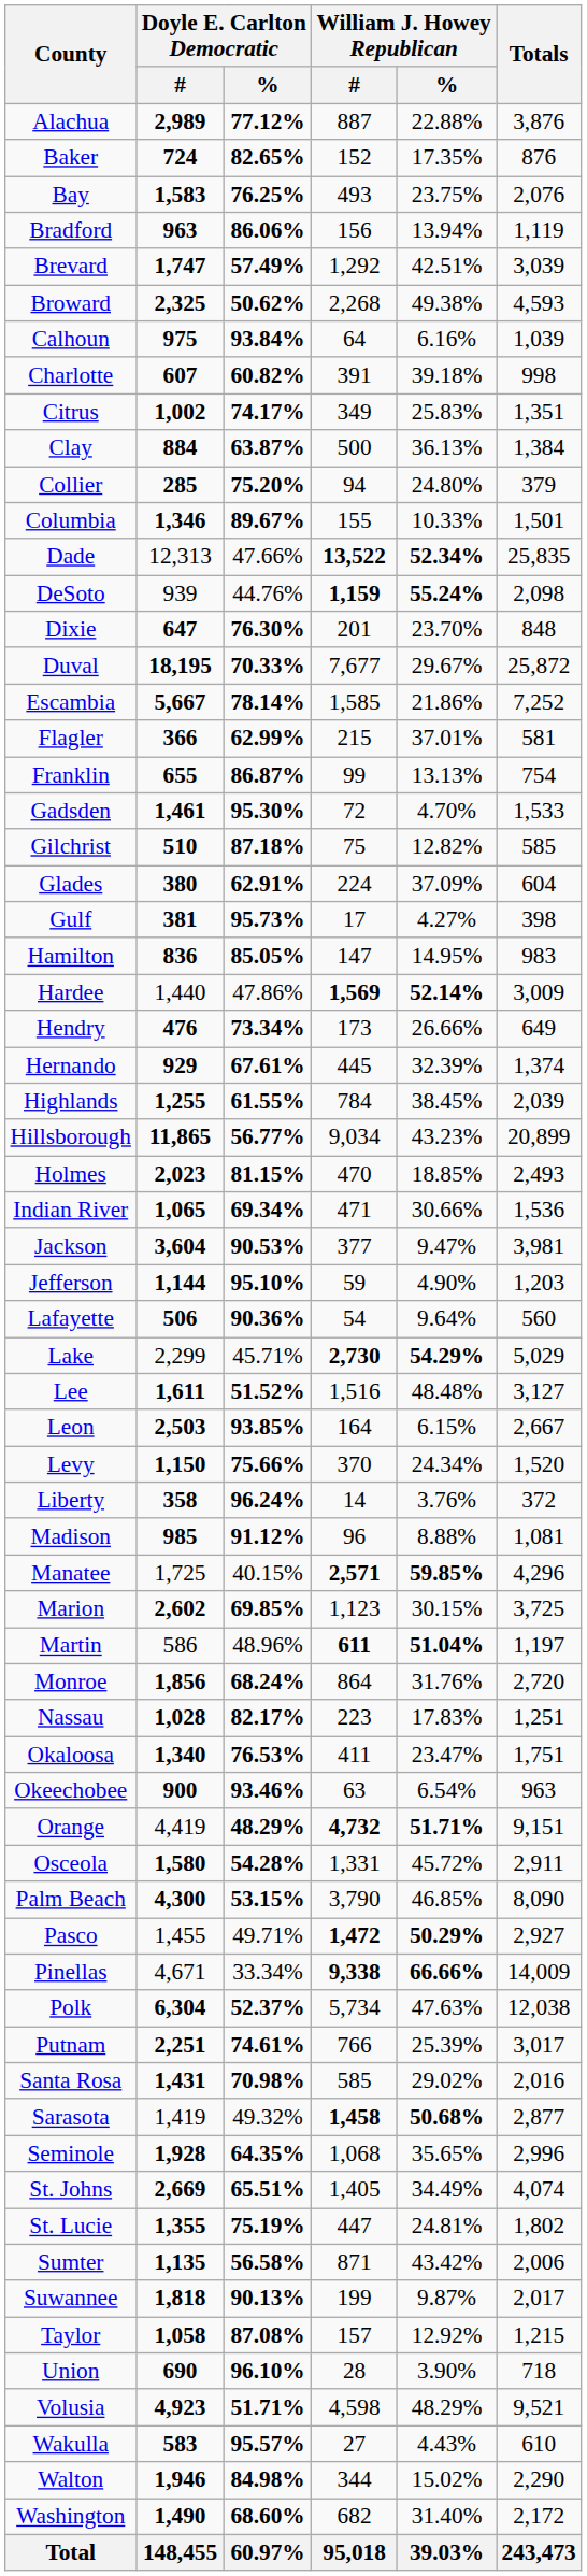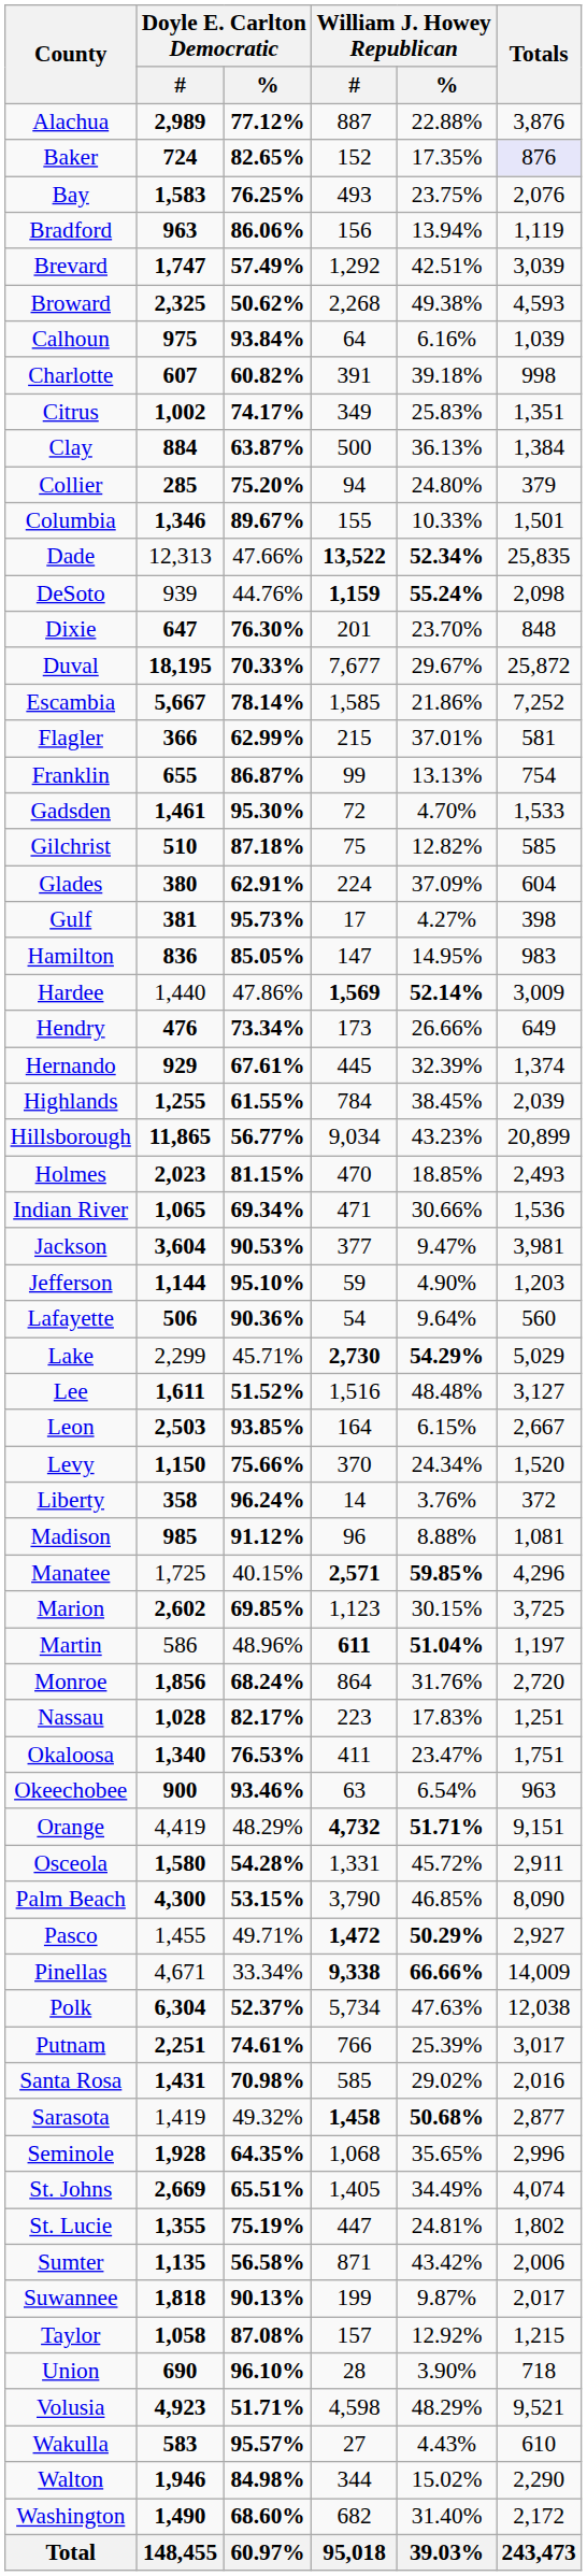 <table class="wikitable sortable">
 <tr>
 <th rowspan="2">County</th>
 <th colspan="2" style="text-align: center;" >Doyle E. Carlton <br><em>Democratic</em></th>
 <th colspan="2" style="text-align: center;" >William J. Howey  <br> <em>Republican</em></th>
 <th rowspan="2">Totals</th>
 </tr>
 <tr>
 <th colspan="1" style="text-align: center;" >#</th>
 <th colspan="1" style="text-align: center;" >%</th>
 <th colspan="1" style="text-align: center;" >#</th>
 <th colspan="1" style="text-align: center;" >%</th>
 </tr>
 <tr style="text-align:center;">
 <td><a href='#'>Alachua</a></td>
 <td><strong>2,989</strong></td>
 <td><strong>77.12%</strong></td>
 <td>887</td>
 <td>22.88%</td>
 <td>3,876</td>
 </tr>
 <tr style="text-align:center;">
 <td><a href='#'>Baker</a></td>
 <td><strong>724</strong></td>
 <td><strong>82.65%</strong></td>
 <td>152</td>
 <td>17.35%</td>
-<td>876</td>
+<td style="background: lavender;">876</td>
 </tr>
 <tr style="text-align:center;">
 <td><a href='#'>Bay</a></td>
 <td><strong>1,583</strong></td>
 <td><strong>76.25%</strong></td>
 <td>493</td>
 <td>23.75%</td>
 <td>2,076</td>
 </tr>
 <tr style="text-align:center;">
 <td><a href='#'>Bradford</a></td>
 <td><strong>963</strong></td>
 <td><strong>86.06%</strong></td>
 <td>156</td>
 <td>13.94%</td>
 <td>1,119</td>
 </tr>
 <tr style="text-align:center;">
 <td><a href='#'>Brevard</a></td>
 <td><strong>1,747</strong></td>
 <td><strong>57.49%</strong></td>
 <td>1,292</td>
 <td>42.51%</td>
 <td>3,039</td>
 </tr>
 <tr style="text-align:center;">
 <td><a href='#'>Broward</a></td>
 <td><strong>2,325</strong></td>
 <td><strong>50.62%</strong></td>
 <td>2,268</td>
 <td>49.38%</td>
 <td>4,593</td>
 </tr>
 <tr style="text-align:center;">
 <td><a href='#'>Calhoun</a></td>
 <td><strong>975</strong></td>
 <td><strong>93.84%</strong></td>
 <td>64</td>
 <td>6.16%</td>
 <td>1,039</td>
 </tr>
 <tr style="text-align:center;">
 <td><a href='#'>Charlotte</a></td>
 <td><strong>607</strong></td>
 <td><strong>60.82%</strong></td>
 <td>391</td>
 <td>39.18%</td>
 <td>998</td>
 </tr>
 <tr style="text-align:center;">
 <td><a href='#'>Citrus</a></td>
 <td><strong>1,002</strong></td>
 <td><strong>74.17%</strong></td>
 <td>349</td>
 <td>25.83%</td>
 <td>1,351</td>
 </tr>
 <tr style="text-align:center;">
 <td><a href='#'>Clay</a></td>
 <td><strong>884</strong></td>
 <td><strong>63.87%</strong></td>
 <td>500</td>
 <td>36.13%</td>
 <td>1,384</td>
 </tr>
 <tr style="text-align:center;">
 <td><a href='#'>Collier</a></td>
 <td><strong>285</strong></td>
 <td><strong>75.20%</strong></td>
 <td>94</td>
 <td>24.80%</td>
 <td>379</td>
 </tr>
 <tr style="text-align:center;">
 <td><a href='#'>Columbia</a></td>
 <td><strong>1,346</strong></td>
 <td><strong>89.67%</strong></td>
 <td>155</td>
 <td>10.33%</td>
 <td>1,501</td>
 </tr>
 <tr style="text-align:center;">
 <td><a href='#'>Dade</a></td>
 <td>12,313</td>
 <td>47.66%</td>
 <td><strong>13,522</strong></td>
 <td><strong>52.34%</strong></td>
 <td>25,835</td>
 </tr>
 <tr style="text-align:center;">
 <td><a href='#'>DeSoto</a></td>
 <td>939</td>
 <td>44.76%</td>
 <td><strong>1,159</strong></td>
 <td><strong>55.24%</strong></td>
 <td>2,098</td>
 </tr>
 <tr style="text-align:center;">
 <td><a href='#'>Dixie</a></td>
 <td><strong>647</strong></td>
 <td><strong>76.30%</strong></td>
 <td>201</td>
 <td>23.70%</td>
 <td>848</td>
 </tr>
 <tr style="text-align:center;">
 <td><a href='#'>Duval</a></td>
 <td><strong>18,195</strong></td>
 <td><strong>70.33%</strong></td>
 <td>7,677</td>
 <td>29.67%</td>
 <td>25,872</td>
 </tr>
 <tr style="text-align:center;">
 <td><a href='#'>Escambia</a></td>
 <td><strong>5,667</strong></td>
 <td><strong>78.14%</strong></td>
 <td>1,585</td>
 <td>21.86%</td>
 <td>7,252</td>
 </tr>
 <tr style="text-align:center;">
 <td><a href='#'>Flagler</a></td>
 <td><strong>366</strong></td>
 <td><strong>62.99%</strong></td>
 <td>215</td>
 <td>37.01%</td>
 <td>581</td>
 </tr>
 <tr style="text-align:center;">
 <td><a href='#'>Franklin</a></td>
 <td><strong>655</strong></td>
 <td><strong>86.87%</strong></td>
 <td>99</td>
 <td>13.13%</td>
 <td>754</td>
 </tr>
 <tr style="text-align:center;">
 <td><a href='#'>Gadsden</a></td>
 <td><strong>1,461</strong></td>
 <td><strong>95.30%</strong></td>
 <td>72</td>
 <td>4.70%</td>
 <td>1,533</td>
 </tr>
 <tr style="text-align:center;">
 <td><a href='#'>Gilchrist</a></td>
 <td><strong>510</strong></td>
 <td><strong>87.18%</strong></td>
 <td>75</td>
 <td>12.82%</td>
 <td>585</td>
 </tr>
 <tr style="text-align:center;">
 <td><a href='#'>Glades</a></td>
 <td><strong>380</strong></td>
 <td><strong>62.91%</strong></td>
 <td>224</td>
 <td>37.09%</td>
 <td>604</td>
 </tr>
 <tr style="text-align:center;">
 <td><a href='#'>Gulf</a></td>
 <td><strong>381</strong></td>
 <td><strong>95.73%</strong></td>
 <td>17</td>
 <td>4.27%</td>
 <td>398</td>
 </tr>
 <tr style="text-align:center;">
 <td><a href='#'>Hamilton</a></td>
 <td><strong>836</strong></td>
 <td><strong>85.05%</strong></td>
 <td>147</td>
 <td>14.95%</td>
 <td>983</td>
 </tr>
 <tr style="text-align:center;">
 <td><a href='#'>Hardee</a></td>
 <td>1,440</td>
 <td>47.86%</td>
 <td><strong>1,569</strong></td>
 <td><strong>52.14%</strong></td>
 <td>3,009</td>
 </tr>
 <tr style="text-align:center;">
 <td><a href='#'>Hendry</a></td>
 <td><strong>476</strong></td>
 <td><strong>73.34%</strong></td>
 <td>173</td>
 <td>26.66%</td>
 <td>649</td>
 </tr>
 <tr style="text-align:center;">
 <td><a href='#'>Hernando</a></td>
 <td><strong>929</strong></td>
 <td><strong>67.61%</strong></td>
 <td>445</td>
 <td>32.39%</td>
 <td>1,374</td>
 </tr>
 <tr style="text-align:center;">
 <td><a href='#'>Highlands</a></td>
 <td><strong>1,255</strong></td>
 <td><strong>61.55%</strong></td>
 <td>784</td>
 <td>38.45%</td>
 <td>2,039</td>
 </tr>
 <tr style="text-align:center;">
 <td><a href='#'>Hillsborough</a></td>
 <td><strong>11,865</strong></td>
 <td><strong>56.77%</strong></td>
 <td>9,034</td>
 <td>43.23%</td>
 <td>20,899</td>
 </tr>
 <tr style="text-align:center;">
 <td><a href='#'>Holmes</a></td>
 <td><strong>2,023</strong></td>
 <td><strong>81.15%</strong></td>
 <td>470</td>
 <td>18.85%</td>
 <td>2,493</td>
 </tr>
 <tr style="text-align:center;">
 <td><a href='#'>Indian River</a></td>
 <td><strong>1,065</strong></td>
 <td><strong>69.34%</strong></td>
 <td>471</td>
 <td>30.66%</td>
 <td>1,536</td>
 </tr>
 <tr style="text-align:center;">
 <td><a href='#'>Jackson</a></td>
 <td><strong>3,604</strong></td>
 <td><strong>90.53%</strong></td>
 <td>377</td>
 <td>9.47%</td>
 <td>3,981</td>
 </tr>
 <tr style="text-align:center;">
 <td><a href='#'>Jefferson</a></td>
 <td><strong>1,144</strong></td>
 <td><strong>95.10%</strong></td>
 <td>59</td>
 <td>4.90%</td>
 <td>1,203</td>
 </tr>
 <tr style="text-align:center;">
 <td><a href='#'>Lafayette</a></td>
 <td><strong>506</strong></td>
 <td><strong>90.36%</strong></td>
 <td>54</td>
 <td>9.64%</td>
 <td>560</td>
 </tr>
 <tr style="text-align:center;">
 <td><a href='#'>Lake</a></td>
 <td>2,299</td>
 <td>45.71%</td>
 <td><strong>2,730</strong></td>
 <td><strong>54.29%</strong></td>
 <td>5,029</td>
 </tr>
 <tr style="text-align:center;">
 <td><a href='#'>Lee</a></td>
 <td><strong>1,611</strong></td>
 <td><strong>51.52%</strong></td>
 <td>1,516</td>
 <td>48.48%</td>
 <td>3,127</td>
 </tr>
 <tr style="text-align:center;">
 <td><a href='#'>Leon</a></td>
 <td><strong>2,503</strong></td>
 <td><strong>93.85%</strong></td>
 <td>164</td>
 <td>6.15%</td>
 <td>2,667</td>
 </tr>
 <tr style="text-align:center;">
 <td><a href='#'>Levy</a></td>
 <td><strong>1,150</strong></td>
 <td><strong>75.66%</strong></td>
 <td>370</td>
 <td>24.34%</td>
 <td>1,520</td>
 </tr>
 <tr style="text-align:center;">
 <td><a href='#'>Liberty</a></td>
 <td><strong>358</strong></td>
 <td><strong>96.24%</strong></td>
 <td>14</td>
 <td>3.76%</td>
 <td>372</td>
 </tr>
 <tr style="text-align:center;">
 <td><a href='#'>Madison</a></td>
 <td><strong>985</strong></td>
 <td><strong>91.12%</strong></td>
 <td>96</td>
 <td>8.88%</td>
 <td>1,081</td>
 </tr>
 <tr style="text-align:center;">
 <td><a href='#'>Manatee</a></td>
 <td>1,725</td>
 <td>40.15%</td>
 <td><strong>2,571</strong></td>
 <td><strong>59.85%</strong></td>
 <td>4,296</td>
 </tr>
 <tr style="text-align:center;">
 <td><a href='#'>Marion</a></td>
 <td><strong>2,602</strong></td>
 <td><strong>69.85%</strong></td>
 <td>1,123</td>
 <td>30.15%</td>
 <td>3,725</td>
 </tr>
 <tr style="text-align:center;">
 <td><a href='#'>Martin</a></td>
 <td>586</td>
 <td>48.96%</td>
 <td><strong>611</strong></td>
 <td><strong>51.04%</strong></td>
 <td>1,197</td>
 </tr>
 <tr style="text-align:center;">
 <td><a href='#'>Monroe</a></td>
 <td><strong>1,856</strong></td>
 <td><strong>68.24%</strong></td>
 <td>864</td>
 <td>31.76%</td>
 <td>2,720</td>
 </tr>
 <tr style="text-align:center;">
 <td><a href='#'>Nassau</a></td>
 <td><strong>1,028</strong></td>
 <td><strong>82.17%</strong></td>
 <td>223</td>
 <td>17.83%</td>
 <td>1,251</td>
 </tr>
 <tr style="text-align:center;">
 <td><a href='#'>Okaloosa</a></td>
 <td><strong>1,340</strong></td>
 <td><strong>76.53%</strong></td>
 <td>411</td>
 <td>23.47%</td>
 <td>1,751</td>
 </tr>
 <tr style="text-align:center;">
 <td><a href='#'>Okeechobee</a></td>
 <td><strong>900</strong></td>
 <td><strong>93.46%</strong></td>
 <td>63</td>
 <td>6.54%</td>
 <td>963</td>
 </tr>
 <tr style="text-align:center;">
 <td><a href='#'>Orange</a></td>
 <td>4,419</td>
-<td><strong>48.29%</strong></td>
+<td>48.29%</td>
 <td><strong>4,732</strong></td>
 <td><strong>51.71%</strong></td>
 <td>9,151</td>
 </tr>
 <tr style="text-align:center;">
 <td><a href='#'>Osceola</a></td>
 <td><strong>1,580</strong></td>
 <td><strong>54.28%</strong></td>
 <td>1,331</td>
 <td>45.72%</td>
 <td>2,911</td>
 </tr>
 <tr style="text-align:center;">
 <td><a href='#'>Palm Beach</a></td>
 <td><strong>4,300</strong></td>
 <td><strong>53.15%</strong></td>
 <td>3,790</td>
 <td>46.85%</td>
 <td>8,090</td>
 </tr>
 <tr style="text-align:center;">
 <td><a href='#'>Pasco</a></td>
 <td>1,455</td>
 <td>49.71%</td>
 <td><strong>1,472</strong></td>
 <td><strong>50.29%</strong></td>
 <td>2,927</td>
 </tr>
 <tr style="text-align:center;">
 <td><a href='#'>Pinellas</a></td>
 <td>4,671</td>
 <td>33.34%</td>
 <td><strong>9,338</strong></td>
 <td><strong>66.66%</strong></td>
 <td>14,009</td>
 </tr>
 <tr style="text-align:center;">
 <td><a href='#'>Polk</a></td>
 <td><strong>6,304</strong></td>
 <td><strong>52.37%</strong></td>
 <td>5,734</td>
 <td>47.63%</td>
 <td>12,038</td>
 </tr>
 <tr style="text-align:center;">
 <td><a href='#'>Putnam</a></td>
 <td><strong>2,251</strong></td>
 <td><strong>74.61%</strong></td>
 <td>766</td>
 <td>25.39%</td>
 <td>3,017</td>
 </tr>
 <tr style="text-align:center;">
 <td><a href='#'>Santa Rosa</a></td>
 <td><strong>1,431</strong></td>
 <td><strong>70.98%</strong></td>
 <td>585</td>
 <td>29.02%</td>
 <td>2,016</td>
 </tr>
 <tr style="text-align:center;">
 <td><a href='#'>Sarasota</a></td>
 <td>1,419</td>
 <td>49.32%</td>
 <td><strong>1,458</strong></td>
 <td><strong>50.68%</strong></td>
 <td>2,877</td>
 </tr>
 <tr style="text-align:center;">
 <td><a href='#'>Seminole</a></td>
 <td><strong>1,928</strong></td>
 <td><strong>64.35%</strong></td>
 <td>1,068</td>
 <td>35.65%</td>
 <td>2,996</td>
 </tr>
 <tr style="text-align:center;">
 <td><a href='#'>St. Johns</a></td>
 <td><strong>2,669</strong></td>
 <td><strong>65.51%</strong></td>
 <td>1,405</td>
 <td>34.49%</td>
 <td>4,074</td>
 </tr>
 <tr style="text-align:center;">
 <td><a href='#'>St. Lucie</a></td>
 <td><strong>1,355</strong></td>
 <td><strong>75.19%</strong></td>
 <td>447</td>
 <td>24.81%</td>
 <td>1,802</td>
 </tr>
 <tr style="text-align:center;">
 <td><a href='#'>Sumter</a></td>
 <td><strong>1,135</strong></td>
 <td><strong>56.58%</strong></td>
 <td>871</td>
 <td>43.42%</td>
 <td>2,006</td>
 </tr>
 <tr style="text-align:center;">
 <td><a href='#'>Suwannee</a></td>
 <td><strong>1,818</strong></td>
 <td><strong>90.13%</strong></td>
 <td>199</td>
 <td>9.87%</td>
 <td>2,017</td>
 </tr>
 <tr style="text-align:center;">
 <td><a href='#'>Taylor</a></td>
 <td><strong>1,058</strong></td>
 <td><strong>87.08%</strong></td>
 <td>157</td>
 <td>12.92%</td>
 <td>1,215</td>
 </tr>
 <tr style="text-align:center;">
 <td><a href='#'>Union</a></td>
 <td><strong>690</strong></td>
 <td><strong>96.10%</strong></td>
 <td>28</td>
 <td>3.90%</td>
 <td>718</td>
 </tr>
 <tr style="text-align:center;">
 <td><a href='#'>Volusia</a></td>
 <td><strong>4,923</strong></td>
 <td><strong>51.71%</strong></td>
 <td>4,598</td>
 <td>48.29%</td>
 <td>9,521</td>
 </tr>
 <tr style="text-align:center;">
 <td><a href='#'>Wakulla</a></td>
 <td><strong>583</strong></td>
 <td><strong>95.57%</strong></td>
 <td>27</td>
 <td>4.43%</td>
 <td>610</td>
 </tr>
 <tr style="text-align:center;">
 <td><a href='#'>Walton</a></td>
 <td><strong>1,946</strong></td>
 <td><strong>84.98%</strong></td>
 <td>344</td>
 <td>15.02%</td>
 <td>2,290</td>
 </tr>
 <tr style="text-align:center;">
 <td><a href='#'>Washington</a></td>
 <td><strong>1,490</strong></td>
 <td><strong>68.60%</strong></td>
 <td>682</td>
 <td>31.40%</td>
 <td>2,172</td>
 </tr>
 <tr style="text-align:center;">
 <th>Total</th>
 <th>148,455</th>
 <th>60.97%</th>
 <th>95,018</th>
 <th>39.03%</th>
 <th>243,473</th>
 </tr>
 </table>
